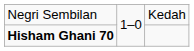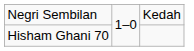 <table class="wikitable">
 <tr>
 <td>Negri Sembilan</td>
 <td rowspan="2">1–0</td>
 <td>Kedah</td>
 </tr>
 <tr>
-<td><strong>Hisham Ghani 70</strong></td>
+<td>Hisham Ghani 70</td>
 <td></td>
 </tr>
 </table>
